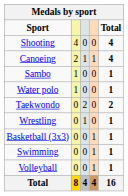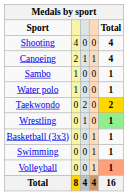 <table class="wikitable" style="font-size:95%">
 <tr style="background:#efefef;">
 <th colspan=5>Medals by sport</th>
 </tr>
 <tr align=center>
 <td><strong>Sport</strong></td>
 <td bgcolor=#f7f6a8></td>
 <td bgcolor=#dce5e5></td>
 <td bgcolor=#ffdab9></td>
 <td><strong>Total</strong></td>
 </tr>
 <tr align=center>
 <td><a href='#'>Shooting</a></td>
 <td style="background:#F7F6A8;">4</td>
 <td style="background:#DCE5E5;">0</td>
 <td style="background:#FFDAB9;">0</td>
 <td><strong>4</strong></td>
 </tr>
 <tr align=center>
 <td><a href='#'>Canoeing</a></td>
 <td style="background:#F7F6A8;">2</td>
 <td style="background:#DCE5E5;">1</td>
 <td style="background:#FFDAB9;">1</td>
 <td><strong>4</strong></td>
 </tr>
 <tr align=center>
 <td><a href='#'>Sambo</a></td>
 <td style="background:#F7F6A8;">1</td>
 <td style="background:#DCE5E5;">0</td>
 <td style="background:#FFDAB9;">0</td>
 <td><strong>1</strong></td>
 </tr>
 <tr align=center>
 <td><a href='#'>Water polo</a></td>
 <td style="background:#F7F6A8;">1</td>
 <td style="background:#DCE5E5;">0</td>
 <td style="background:#FFDAB9;">0</td>
 <td><strong>1</strong></td>
 </tr>
 <tr align=center>
 <td><a href='#'>Taekwondo</a></td>
 <td style="background:#F7F6A8;">0</td>
 <td style="background:#DCE5E5;">2</td>
 <td style="background:#FFDAB9;">0</td>
-<td><strong>2</strong></td>
+<td style="background: gold;"><strong>2</strong></td>
 </tr>
 <tr align=center>
 <td><a href='#'>Wrestling</a></td>
 <td style="background:#F7F6A8;">0</td>
 <td style="background:#DCE5E5;">1</td>
 <td style="background:#FFDAB9;">0</td>
-<td><strong>1</strong></td>
+<td style="background: lightgreen;"><strong>1</strong></td>
 </tr>
 <tr align=center>
 <td><a href='#'>Basketball (3x3)</a></td>
 <td style="background:#F7F6A8;">0</td>
 <td style="background:#DCE5E5;">0</td>
 <td style="background:#FFDAB9;">1</td>
 <td><strong>1</strong></td>
 </tr>
 <tr align=center>
 <td><a href='#'>Swimming</a></td>
 <td style="background:#F7F6A8;">0</td>
 <td style="background:#DCE5E5;">0</td>
 <td style="background:#FFDAB9;">1</td>
 <td><strong>1</strong></td>
 </tr>
 <tr align=center>
 <td><a href='#'>Volleyball</a></td>
 <td style="background:#F7F6A8;">0</td>
 <td style="background:#DCE5E5;">0</td>
 <td style="background:#FFDAB9;">1</td>
-<td><strong>1</strong></td>
+<td style="background: lightsalmon;"><strong>1</strong></td>
 </tr>
 <tr align=center>
 <th>Total</th>
 <th style="background:gold;">8</th>
 <th style="background:silver;">4</th>
 <th style="background:#c96;">4</th>
 <th>16</th>
 </tr>
 </table>
